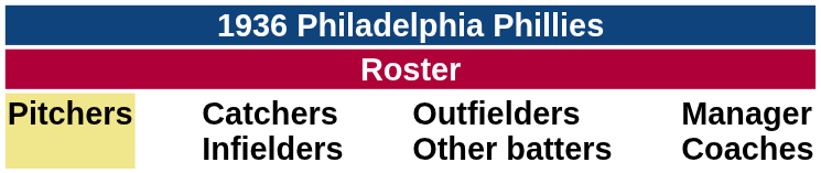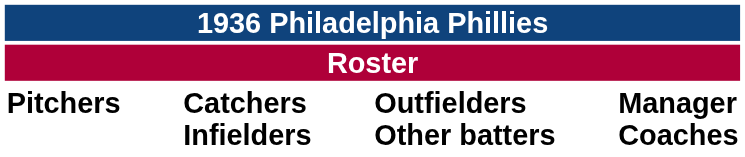 <table class="toccolours" style="font-size: 95%;">
 <tr>
 <th colspan="10" style="background-color: #0f437c; color: white; text-align: center;">1936 Philadelphia Phillies</th>
 </tr>
 <tr>
 <td colspan="10" style="background-color: #af0039; color: white; text-align: center;"><strong>Roster</strong></td>
 </tr>
 <tr>
-<td valign="top" style="background: khaki;"><strong>Pitchers</strong><br>                </td>
+<td valign="top"><strong>Pitchers</strong><br>                </td>
 <td width="25px"></td>
 <td valign="top"><strong>Catchers</strong><br>   <strong>Infielders</strong>         </td>
 <td width="25px"></td>
 <td valign="top"><strong>Outfielders</strong><br>        <strong>Other batters</strong> </td>
 <td width="25px"></td>
 <td valign="top"><strong>Manager</strong><br> <strong>Coaches</strong>  </td>
 </tr>
 </table>
